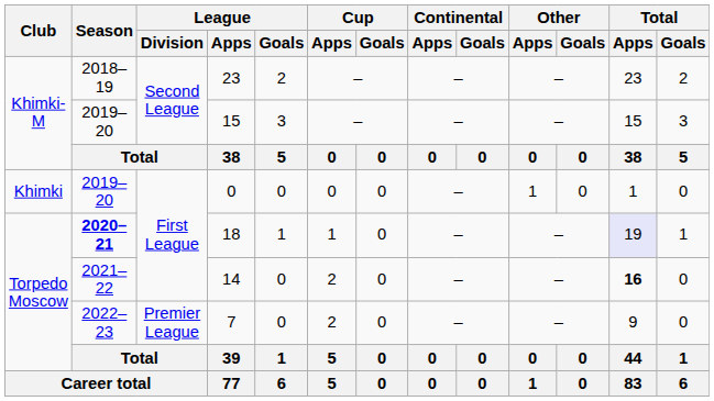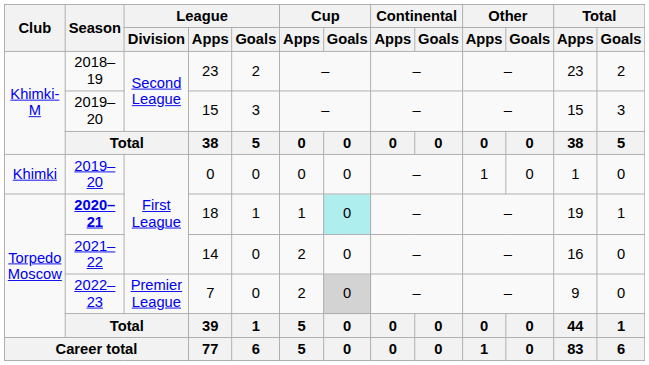 <table class="wikitable" style="text-align: center;">
 <tr>
 <th rowspan=2>Club</th>
 <th rowspan=2>Season</th>
 <th colspan=3>League</th>
 <th colspan=2>Cup</th>
 <th colspan=2>Continental</th>
 <th colspan=2>Other</th>
 <th colspan=2>Total</th>
 </tr>
 <tr>
 <th>Division</th>
 <th>Apps</th>
 <th>Goals</th>
 <th>Apps</th>
 <th>Goals</th>
 <th>Apps</th>
 <th>Goals</th>
 <th>Apps</th>
 <th>Goals</th>
 <th>Apps</th>
 <th>Goals</th>
 </tr>
 <tr>
 <td rowspan="3"><a href='#'>Khimki-M</a></td>
 <td>2018–19</td>
 <td rowspan="2"><a href='#'>Second League</a></td>
 <td>23</td>
 <td>2</td>
 <td colspan=2>–</td>
 <td colspan=2>–</td>
 <td colspan=2>–</td>
 <td>23</td>
 <td>2</td>
 </tr>
 <tr>
 <td>2019–20</td>
 <td>15</td>
 <td>3</td>
 <td colspan=2>–</td>
 <td colspan=2>–</td>
 <td colspan=2>–</td>
 <td>15</td>
 <td>3</td>
 </tr>
 <tr>
 <th colspan=2>Total</th>
 <th>38</th>
 <th>5</th>
 <th>0</th>
 <th>0</th>
 <th>0</th>
 <th>0</th>
 <th>0</th>
 <th>0</th>
 <th>38</th>
 <th>5</th>
 </tr>
 <tr>
 <td><a href='#'>Khimki</a></td>
 <td><a href='#'>2019–20</a></td>
 <td rowspan="3"><a href='#'>First League</a></td>
 <td>0</td>
 <td>0</td>
 <td>0</td>
 <td>0</td>
 <td colspan=2>–</td>
 <td>1</td>
 <td>0</td>
 <td>1</td>
 <td>0</td>
 </tr>
 <tr>
 <td rowspan="4"><a href='#'>Torpedo Moscow</a></td>
 <td><strong><a href='#'>2020–21</a></strong></td>
 <td>18</td>
 <td>1</td>
 <td>1</td>
-<td>0</td>
+<td style="background: paleturquoise;">0</td>
 <td colspan=2>–</td>
 <td colspan=2>–</td>
-<td style="background: lavender;">19</td>
+<td>19</td>
 <td>1</td>
 </tr>
 <tr>
 <td><a href='#'>2021–22</a></td>
 <td>14</td>
 <td>0</td>
 <td>2</td>
 <td>0</td>
 <td colspan=2>–</td>
 <td colspan=2>–</td>
-<td><strong>16</strong></td>
+<td>16</td>
 <td>0</td>
 </tr>
 <tr>
 <td><a href='#'>2022–23</a></td>
 <td><a href='#'>Premier League</a></td>
 <td>7</td>
 <td>0</td>
 <td>2</td>
-<td>0</td>
+<td style="background: lightgrey;">0</td>
 <td colspan=2>–</td>
 <td colspan=2>–</td>
 <td>9</td>
 <td>0</td>
 </tr>
 <tr>
 <th colspan=2>Total</th>
 <th>39</th>
 <th>1</th>
 <th>5</th>
 <th>0</th>
 <th>0</th>
 <th>0</th>
 <th>0</th>
 <th>0</th>
 <th>44</th>
 <th>1</th>
 </tr>
 <tr>
 <th colspan=3>Career total</th>
 <th>77</th>
 <th>6</th>
 <th>5</th>
 <th>0</th>
 <th>0</th>
 <th>0</th>
 <th>1</th>
 <th>0</th>
 <th>83</th>
 <th>6</th>
 </tr>
 </table>
